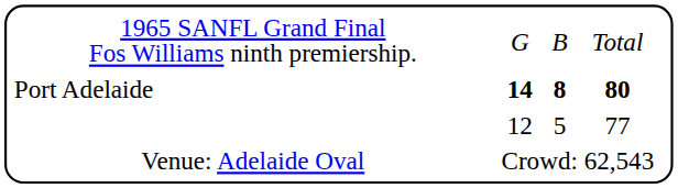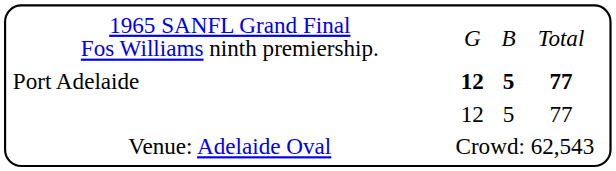 <table style="margin-right:4px; margin-top:8px; float:right; border:1px #000 solid; border-radius:8px; background:#fff; font-family:Verdana; font-size:8pt; text-align:center;">
 <tr>
 <td width=200><a href='#'>1965 SANFL Grand Final</a><br><a href='#'>Fos Williams</a> ninth premiership.</td>
 <td><em>G</em></td>
 <td><em>B</em></td>
 <td><em>Total</em></td>
 </tr>
 <tr>
 <td style="text-align:left">Port Adelaide</td>
-<td><strong>14</strong></td>
-<td><strong>8</strong></td>
-<td><strong>80</strong></td>
+<td><strong>12</strong></td>
+<td><strong>5</strong></td>
+<td><strong>77</strong></td>
 </tr>
 <tr>
 <td style="text-align:left"></td>
 <td>12</td>
 <td>5</td>
 <td>77</td>
 </tr>
 <tr>
 <td>Venue: <a href='#'>Adelaide Oval</a></td>
 <td colspan=3>Crowd: 62,543</td>
 <td colspan=3></td>
 </tr>
 </table>
